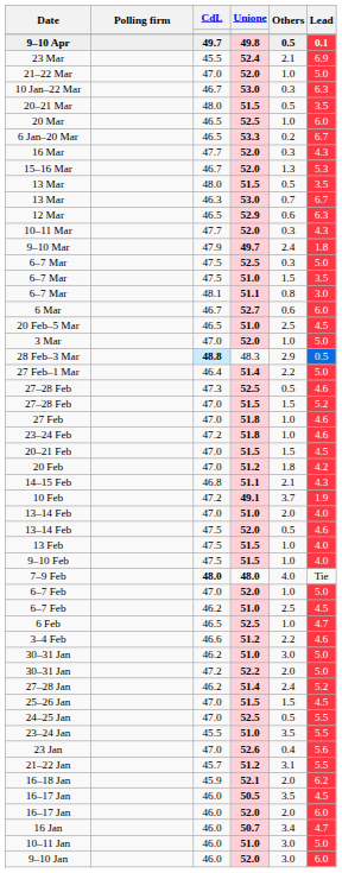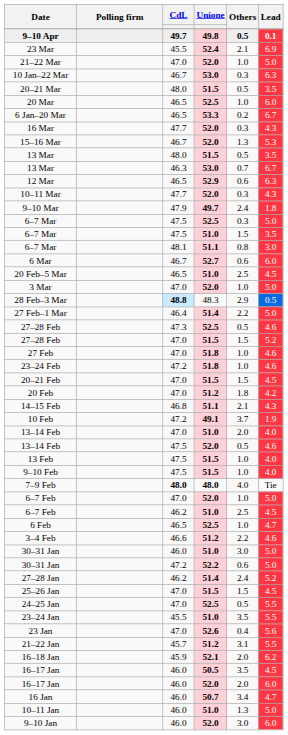 <table class="wikitable collapsible" style="text-align:center;font-size:85%;line-height:13px">
 <tr style="height:30px; background-color:#E9E9E9">
 <th style="width:100px;" rowspan="2">Date</th>
 <th style="width:120px;" rowspan="2">Polling firm</th>
 <th style="width:40px;"><a href='#'>CdL</a></th>
 <th style="width:40px;"><a href='#'>Unione</a></th>
 <th style="width:35px;" rowspan="2">Others</th>
 <th style="width:25px;" rowspan="2">Lead</th>
 </tr>
 <tr>
 <th style="background:"></th>
 <th style="background:"></th>
 </tr>
 <tr>
 </tr>
 <tr style="background:#EFEFEF; font-weight:bold;">
 <td>9–10 Apr</td>
 <td></td>
 <td>49.7</td>
 <td style="background:#FFD0D7"><strong>49.8</strong></td>
 <td>0.5</td>
 <td style="background:#FF3643; color:white;">0.1</td>
 </tr>
 <tr>
 <td>23 Mar</td>
 <td></td>
 <td>45.5</td>
 <td style="background:#FFD0D7"><strong>52.4</strong></td>
 <td>2.1</td>
 <td style="background:#FF3643; color:white;">6.9</td>
 </tr>
 <tr>
 <td>21–22 Mar</td>
 <td></td>
 <td>47.0</td>
 <td style="background:#FFD0D7"><strong>52.0</strong></td>
 <td>1.0</td>
 <td style="background:#FF3643; color:white;">5.0</td>
 </tr>
 <tr>
 <td>10 Jan–22 Mar</td>
 <td></td>
 <td>46.7</td>
 <td style="background:#FFD0D7"><strong>53.0</strong></td>
 <td>0.3</td>
 <td style="background:#FF3643; color:white;">6.3</td>
 </tr>
 <tr>
 <td>20–21 Mar</td>
 <td></td>
 <td>48.0</td>
 <td style="background:#FFD0D7"><strong>51.5</strong></td>
 <td>0.5</td>
 <td style="background:#FF3643; color:white;">3.5</td>
 </tr>
 <tr>
 <td>20 Mar</td>
 <td></td>
 <td>46.5</td>
 <td style="background:#FFD0D7"><strong>52.5</strong></td>
 <td>1.0</td>
 <td style="background:#FF3643; color:white;">6.0</td>
 </tr>
 <tr>
 <td>6 Jan–20 Mar</td>
 <td></td>
 <td>46.5</td>
 <td style="background:#FFD0D7"><strong>53.3</strong></td>
 <td>0.2</td>
 <td style="background:#FF3643; color:white;">6.7</td>
 </tr>
 <tr>
 <td>16 Mar</td>
 <td></td>
 <td>47.7</td>
 <td style="background:#FFD0D7"><strong>52.0</strong></td>
 <td>0.3</td>
 <td style="background:#FF3643; color:white;">4.3</td>
 </tr>
 <tr>
 <td>15–16 Mar</td>
 <td></td>
 <td>46.7</td>
 <td style="background:#FFD0D7"><strong>52.0</strong></td>
 <td>1.3</td>
 <td style="background:#FF3643; color:white;">5.3</td>
 </tr>
 <tr>
 <td>13 Mar</td>
 <td></td>
 <td>48.0</td>
 <td style="background:#FFD0D7"><strong>51.5</strong></td>
 <td>0.5</td>
 <td style="background:#FF3643; color:white;">3.5</td>
 </tr>
 <tr>
 <td>13 Mar</td>
 <td></td>
 <td>46.3</td>
 <td style="background:#FFD0D7"><strong>53.0</strong></td>
 <td>0.7</td>
 <td style="background:#FF3643; color:white;">6.7</td>
 </tr>
 <tr>
 <td>12 Mar</td>
 <td></td>
 <td>46.5</td>
 <td style="background:#FFD0D7"><strong>52.9</strong></td>
 <td>0.6</td>
 <td style="background:#FF3643; color:white;">6.3</td>
 </tr>
 <tr>
 <td>10–11 Mar</td>
 <td></td>
 <td>47.7</td>
 <td style="background:#FFD0D7"><strong>52.0</strong></td>
 <td>0.3</td>
 <td style="background:#FF3643; color:white;">4.3</td>
 </tr>
 <tr>
 <td>9–10 Mar</td>
 <td></td>
 <td>47.9</td>
 <td style="background:#FFD0D7"><strong>49.7</strong></td>
 <td>2.4</td>
 <td style="background:#FF3643; color:white;">1.8</td>
 </tr>
 <tr>
 <td>6–7 Mar</td>
 <td></td>
 <td>47.5</td>
 <td style="background:#FFD0D7"><strong>52.5</strong></td>
 <td>0.3</td>
 <td style="background:#FF3643; color:white;">5.0</td>
 </tr>
 <tr>
 <td>6–7 Mar</td>
 <td></td>
 <td>47.5</td>
 <td style="background:#FFD0D7"><strong>51.0</strong></td>
 <td>1.5</td>
 <td style="background:#FF3643; color:white;">3.5</td>
 </tr>
 <tr>
 <td>6–7 Mar</td>
 <td></td>
 <td>48.1</td>
 <td style="background:#FFD0D7"><strong>51.1</strong></td>
 <td>0.8</td>
 <td style="background:#FF3643; color:white;">3.0</td>
 </tr>
 <tr>
 <td>6 Mar</td>
 <td></td>
 <td>46.7</td>
 <td style="background:#FFD0D7"><strong>52.7</strong></td>
 <td>0.6</td>
 <td style="background:#FF3643; color:white;">6.0</td>
 </tr>
 <tr>
 <td>20 Feb–5 Mar</td>
 <td></td>
 <td>46.5</td>
 <td style="background:#FFD0D7"><strong>51.0</strong></td>
 <td>2.5</td>
 <td style="background:#FF3643; color:white;">4.5</td>
 </tr>
 <tr>
 <td>3 Mar</td>
 <td></td>
 <td>47.0</td>
 <td style="background:#FFD0D7"><strong>52.0</strong></td>
 <td>1.0</td>
 <td style="background:#FF3643; color:white;">5.0</td>
 </tr>
 <tr>
 <td>28 Feb–3 Mar</td>
 <td></td>
 <td style="background:#C8EBFF"><strong>48.8</strong></td>
 <td>48.3</td>
 <td>2.9</td>
 <td style="background:#0A6BE1; color:white;">0.5</td>
 </tr>
 <tr>
 <td>27 Feb–1 Mar</td>
 <td></td>
 <td>46.4</td>
 <td style="background:#FFD0D7"><strong>51.4</strong></td>
 <td>2.2</td>
 <td style="background:#FF3643; color:white;">5.0</td>
 </tr>
 <tr>
 <td>27–28 Feb</td>
 <td></td>
 <td>47.3</td>
 <td style="background:#FFD0D7"><strong>52.5</strong></td>
 <td>0.5</td>
 <td style="background:#FF3643; color:white;">4.6</td>
 </tr>
 <tr>
 <td>27–28 Feb</td>
 <td></td>
 <td>47.0</td>
 <td style="background:#FFD0D7"><strong>51.5</strong></td>
 <td>1.5</td>
 <td style="background:#FF3643; color:white;">5.2</td>
 </tr>
 <tr>
 <td>27 Feb</td>
 <td></td>
 <td>47.0</td>
 <td style="background:#FFD0D7"><strong>51.8</strong></td>
 <td>1.0</td>
 <td style="background:#FF3643; color:white;">4.6</td>
 </tr>
 <tr>
 <td>23–24 Feb</td>
 <td></td>
 <td>47.2</td>
 <td style="background:#FFD0D7"><strong>51.8</strong></td>
 <td>1.0</td>
 <td style="background:#FF3643; color:white;">4.6</td>
 </tr>
 <tr>
 <td>20–21 Feb</td>
 <td></td>
 <td>47.0</td>
 <td style="background:#FFD0D7"><strong>51.5</strong></td>
 <td>1.5</td>
 <td style="background:#FF3643; color:white;">4.5</td>
 </tr>
 <tr>
 <td>20 Feb</td>
 <td></td>
 <td>47.0</td>
 <td style="background:#FFD0D7"><strong>51.2</strong></td>
 <td>1.8</td>
 <td style="background:#FF3643; color:white;">4.2</td>
 </tr>
 <tr>
 <td>14–15 Feb</td>
 <td></td>
 <td>46.8</td>
 <td style="background:#FFD0D7"><strong>51.1</strong></td>
 <td>2.1</td>
 <td style="background:#FF3643; color:white;">4.3</td>
 </tr>
 <tr>
 <td>10 Feb</td>
 <td></td>
 <td>47.2</td>
 <td style="background:#FFD0D7"><strong>49.1</strong></td>
 <td>3.7</td>
 <td style="background:#FF3643; color:white;">1.9</td>
 </tr>
 <tr>
 <td>13–14 Feb</td>
 <td></td>
 <td>47.0</td>
 <td style="background:#FFD0D7"><strong>51.0</strong></td>
 <td>2.0</td>
 <td style="background:#FF3643; color:white;">4.0</td>
 </tr>
 <tr>
 <td>13–14 Feb</td>
 <td></td>
 <td>47.5</td>
 <td style="background:#FFD0D7"><strong>52.0</strong></td>
 <td>0.5</td>
 <td style="background:#FF3643; color:white;">4.6</td>
 </tr>
 <tr>
 <td>13 Feb</td>
 <td></td>
 <td>47.5</td>
 <td style="background:#FFD0D7"><strong>51.5</strong></td>
 <td>1.0</td>
 <td style="background:#FF3643; color:white;">4.0</td>
 </tr>
 <tr>
 <td>9–10 Feb</td>
 <td></td>
 <td>47.5</td>
 <td style="background:#FFD0D7"><strong>51.5</strong></td>
 <td>1.0</td>
 <td style="background:#FF3643; color:white;">4.0</td>
 </tr>
 <tr>
 <td>7–9 Feb</td>
 <td></td>
 <td><strong>48.0</strong></td>
 <td><strong>48.0</strong></td>
 <td>4.0</td>
 <td>Tie</td>
 </tr>
 <tr>
 <td>6–7 Feb</td>
 <td></td>
 <td>47.0</td>
 <td style="background:#FFD0D7"><strong>52.0</strong></td>
 <td>1.0</td>
 <td style="background:#FF3643; color:white;">5.0</td>
 </tr>
 <tr>
 <td>6–7 Feb</td>
 <td></td>
 <td>46.2</td>
 <td style="background:#FFD0D7"><strong>51.0</strong></td>
 <td>2.5</td>
 <td style="background:#FF3643; color:white;">4.5</td>
 </tr>
 <tr>
 <td>6 Feb</td>
 <td></td>
 <td>46.5</td>
 <td style="background:#FFD0D7"><strong>52.5</strong></td>
 <td>1.0</td>
 <td style="background:#FF3643; color:white;">4.7</td>
 </tr>
 <tr>
 <td>3–4 Feb</td>
 <td></td>
 <td>46.6</td>
 <td style="background:#FFD0D7"><strong>51.2</strong></td>
 <td>2.2</td>
 <td style="background:#FF3643; color:white;">4.6</td>
 </tr>
 <tr>
 <td>30–31 Jan</td>
 <td></td>
-<td>46.2</td>
+<td>46.0</td>
 <td style="background:#FFD0D7"><strong>51.0</strong></td>
 <td>3.0</td>
 <td style="background:#FF3643; color:white;">5.0</td>
 </tr>
 <tr>
 <td>30–31 Jan</td>
 <td></td>
 <td>47.2</td>
 <td style="background:#FFD0D7"><strong>52.2</strong></td>
-<td>2.0</td>
+<td>0.6</td>
 <td style="background:#FF3643; color:white;">5.0</td>
 </tr>
 <tr>
 <td>27–28 Jan</td>
 <td></td>
 <td>46.2</td>
 <td style="background:#FFD0D7"><strong>51.4</strong></td>
 <td>2.4</td>
 <td style="background:#FF3643; color:white;">5.2</td>
 </tr>
 <tr>
 <td>25–26 Jan</td>
 <td></td>
 <td>47.0</td>
 <td style="background:#FFD0D7"><strong>51.5</strong></td>
 <td>1.5</td>
 <td style="background:#FF3643; color:white;">4.5</td>
 </tr>
 <tr>
 <td>24–25 Jan</td>
 <td></td>
 <td>47.0</td>
 <td style="background:#FFD0D7"><strong>52.5</strong></td>
 <td>0.5</td>
 <td style="background:#FF3643; color:white;">5.5</td>
 </tr>
 <tr>
 <td>23–24 Jan</td>
 <td></td>
 <td>45.5</td>
 <td style="background:#FFD0D7"><strong>51.0</strong></td>
 <td>3.5</td>
 <td style="background:#FF3643; color:white;">5.5</td>
 </tr>
 <tr>
 <td>23 Jan</td>
 <td></td>
 <td>47.0</td>
 <td style="background:#FFD0D7"><strong>52.6</strong></td>
 <td>0.4</td>
 <td style="background:#FF3643; color:white;">5.6</td>
 </tr>
 <tr>
 <td>21–22 Jan</td>
 <td></td>
 <td>45.7</td>
 <td style="background:#FFD0D7"><strong>51.2</strong></td>
 <td>3.1</td>
 <td style="background:#FF3643; color:white;">5.5</td>
 </tr>
 <tr>
 <td>16–18 Jan</td>
 <td></td>
 <td>45.9</td>
 <td style="background:#FFD0D7"><strong>52.1</strong></td>
 <td>2.0</td>
 <td style="background:#FF3643; color:white;">6.2</td>
 </tr>
 <tr>
 <td>16–17 Jan</td>
 <td></td>
 <td>46.0</td>
 <td style="background:#FFD0D7"><strong>50.5</strong></td>
 <td>3.5</td>
 <td style="background:#FF3643; color:white;">4.5</td>
 </tr>
 <tr>
 <td>16–17 Jan</td>
 <td></td>
 <td>46.0</td>
 <td style="background:#FFD0D7"><strong>52.0</strong></td>
 <td>2.0</td>
 <td style="background:#FF3643; color:white;">6.0</td>
 </tr>
 <tr>
 <td>16 Jan</td>
 <td></td>
 <td>46.0</td>
 <td style="background:#FFD0D7"><strong>50.7</strong></td>
 <td>3.4</td>
 <td style="background:#FF3643; color:white;">4.7</td>
 </tr>
 <tr>
 <td>10–11 Jan</td>
 <td></td>
 <td>46.0</td>
 <td style="background:#FFD0D7"><strong>51.0</strong></td>
-<td>3.0</td>
+<td>1.3</td>
 <td style="background:#FF3643; color:white;">5.0</td>
 </tr>
 <tr>
 <td>9–10 Jan</td>
 <td></td>
 <td>46.0</td>
 <td style="background:#FFD0D7"><strong>52.0</strong></td>
 <td>3.0</td>
 <td style="background:#FF3643; color:white;">6.0</td>
 </tr>
 </table>
